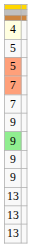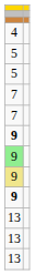 <table class="wikitable">
 <tr style="background:gold;">
 <td align=center></td>
 <td></td>
 </tr>
 <tr style="background:silver;">
 <td align=center></td>
 <td></td>
 </tr>
 <tr style="background:peru;">
 <td align=center></td>
 <td></td>
 </tr>
 <tr>
-<td align=center style="background: lightyellow;">4</td>
+<td align=center>4</td>
 <td></td>
 </tr>
 <tr>
 <td align=center>5</td>
 <td></td>
 </tr>
 <tr>
-<td align=center style="background: lightsalmon;">5</td>
-<td></td>
-</tr>
-<tr>
-<td align=center style="background: lightsalmon;">7</td>
+<td align=center>5</td>
 <td></td>
 </tr>
 <tr>
 <td align=center>7</td>
 <td></td>
 </tr>
 <tr>
-<td align=center>9</td>
+<td align=center>7</td>
+<td></td>
+</tr>
+<tr>
+<td align=center><strong>9</strong></td>
 <td></td>
 </tr>
 <tr>
 <td align=center style="background: lightgreen;">9</td>
 <td></td>
 </tr>
 <tr>
-<td align=center>9</td>
+<td align=center style="background: khaki;">9</td>
 <td></td>
 </tr>
 <tr>
-<td align=center>9</td>
+<td align=center><strong>9</strong></td>
 <td></td>
 </tr>
 <tr>
 <td align=center>13</td>
 <td></td>
 </tr>
 <tr>
 <td align=center>13</td>
 <td></td>
 </tr>
 <tr>
 <td align=center>13</td>
 <td></td>
 </tr>
 </table>
